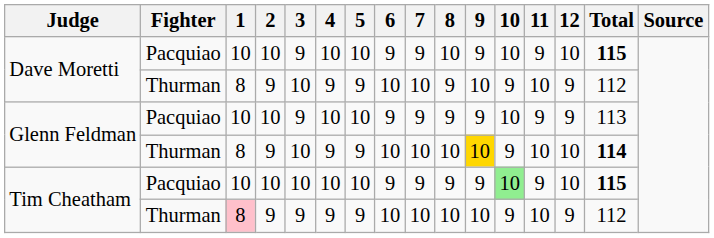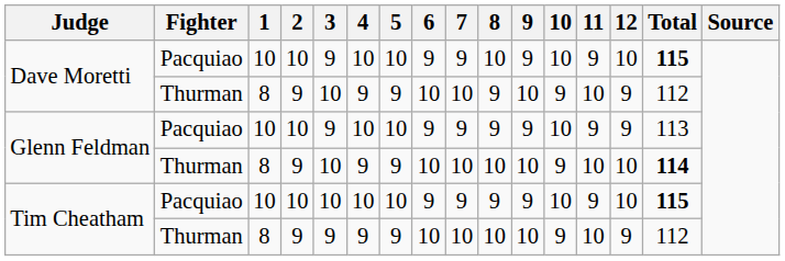 <table class="wikitable" style="text-align:center">
 <tr>
 <th align="center">Judge</th>
 <th>Fighter</th>
 <th> 1 </th>
 <th> 2 </th>
 <th> 3 </th>
 <th> 4 </th>
 <th> 5 </th>
 <th> 6 </th>
 <th> 7 </th>
 <th> 8 </th>
 <th> 9 </th>
 <th>10</th>
 <th>11</th>
 <th>12</th>
 <th>Total</th>
 <th>Source</th>
 </tr>
 <tr>
 <td rowspan="2" align="left">Dave Moretti</td>
 <td>Pacquiao</td>
 <td>10</td>
 <td>10</td>
 <td>9</td>
 <td>10</td>
 <td>10</td>
 <td>9</td>
 <td>9</td>
 <td>10</td>
 <td>9</td>
 <td>10</td>
 <td>9</td>
 <td>10</td>
 <td><strong>115</strong></td>
 <td rowspan="6"></td>
 </tr>
 <tr>
 <td>Thurman</td>
 <td>8</td>
 <td>9</td>
 <td>10</td>
 <td>9</td>
 <td>9</td>
 <td>10</td>
 <td>10</td>
 <td>9</td>
 <td>10</td>
 <td>9</td>
 <td>10</td>
 <td>9</td>
 <td>112</td>
 </tr>
 <tr>
 <td rowspan="2" align="left">Glenn Feldman</td>
 <td>Pacquiao</td>
 <td>10</td>
 <td>10</td>
 <td>9</td>
 <td>10</td>
 <td>10</td>
 <td>9</td>
 <td>9</td>
 <td>9</td>
 <td>9</td>
 <td>10</td>
 <td>9</td>
 <td>9</td>
 <td>113</td>
 </tr>
 <tr>
 <td>Thurman</td>
 <td>8</td>
 <td>9</td>
 <td>10</td>
 <td>9</td>
 <td>9</td>
 <td>10</td>
 <td>10</td>
 <td>10</td>
-<td style="background: gold;">10</td>
+<td>10</td>
 <td>9</td>
 <td>10</td>
 <td>10</td>
 <td><strong>114</strong></td>
 </tr>
 <tr>
 <td rowspan="2" align="left">Tim Cheatham</td>
 <td>Pacquiao</td>
 <td>10</td>
 <td>10</td>
 <td>10</td>
 <td>10</td>
 <td>10</td>
 <td>9</td>
 <td>9</td>
 <td>9</td>
 <td>9</td>
-<td style="background: lightgreen;">10</td>
+<td>10</td>
 <td>9</td>
 <td>10</td>
 <td><strong>115</strong></td>
 </tr>
 <tr>
 <td>Thurman</td>
-<td style="background: pink;">8</td>
+<td>8</td>
 <td>9</td>
 <td>9</td>
 <td>9</td>
 <td>9</td>
 <td>10</td>
 <td>10</td>
 <td>10</td>
 <td>10</td>
 <td>9</td>
 <td>10</td>
 <td>9</td>
 <td>112</td>
 </tr>
 </table>
